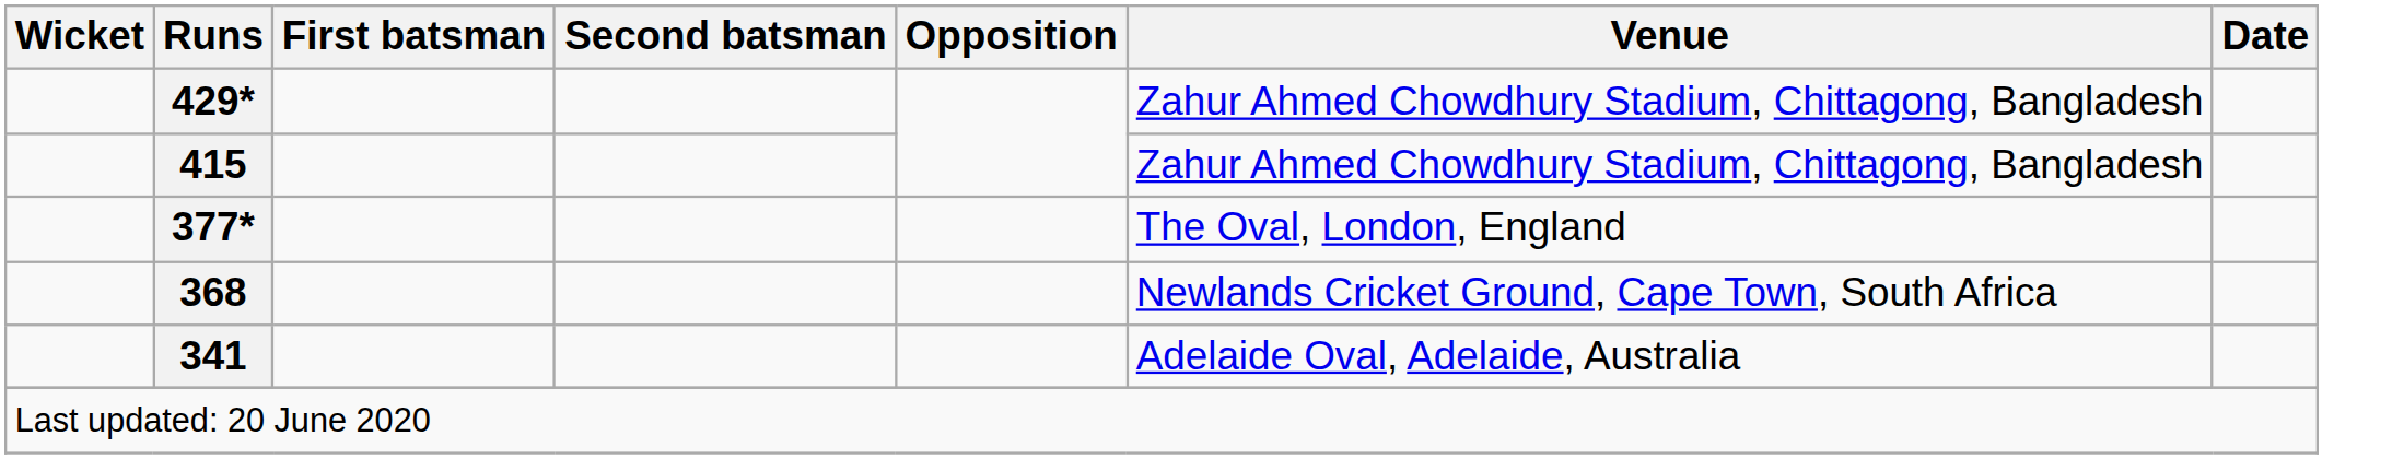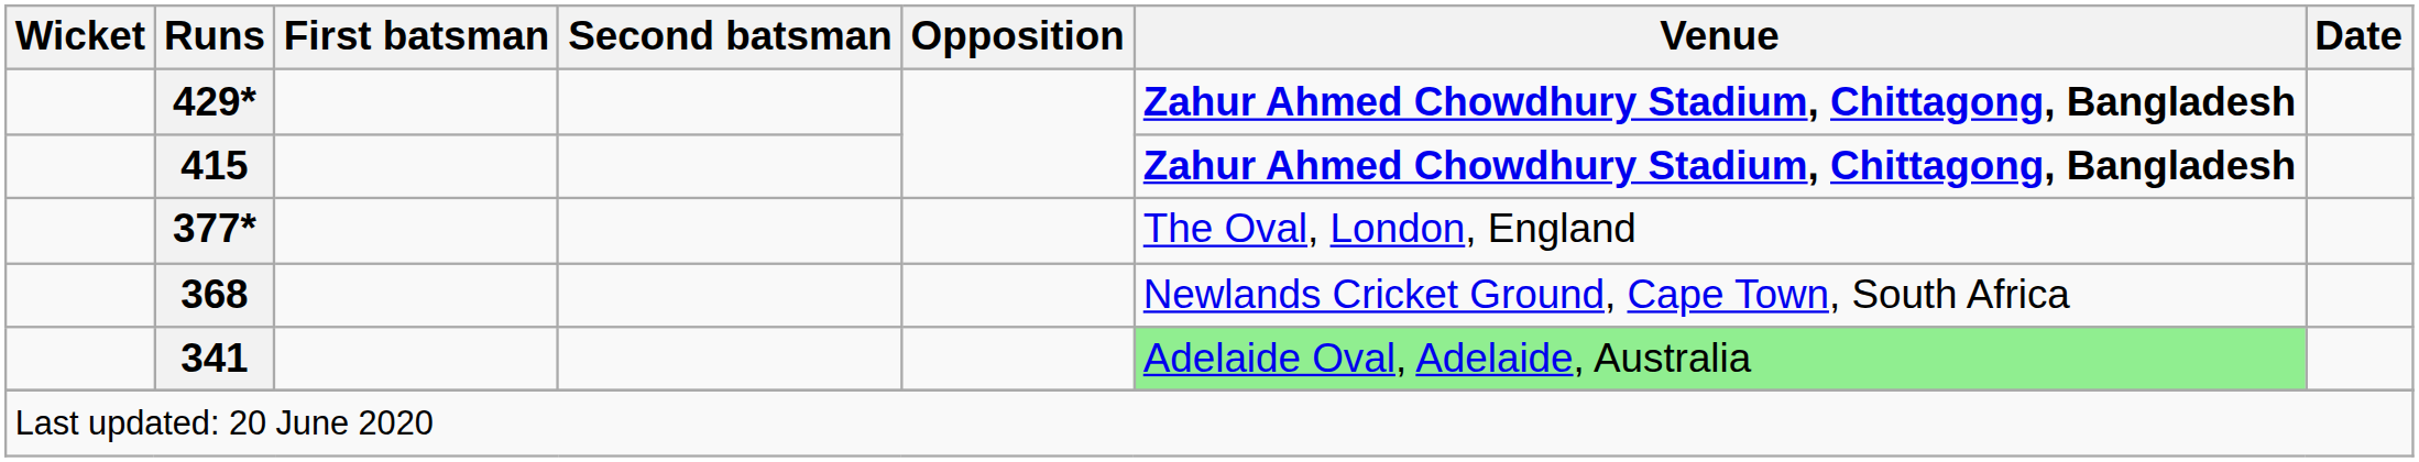 <table class="wikitable plainrowheaders sortable">
 <tr>
 <th scope=col>Wicket</th>
 <th scope=col>Runs</th>
 <th scope=col>First batsman</th>
 <th scope=col>Second batsman</th>
 <th scope=col>Opposition</th>
 <th scope=col>Venue</th>
 <th scope=col>Date</th>
 </tr>
 <tr>
 <td align=center><strong></strong></td>
 <th scope=row style=text-align:center;>429*</th>
 <td></td>
 <td></td>
 <td rowspan=2></td>
-<td><a href='#'>Zahur Ahmed Chowdhury Stadium</a>, <a href='#'>Chittagong</a>, Bangladesh</td>
+<td><strong><a href='#'>Zahur Ahmed Chowdhury Stadium</a>, <a href='#'>Chittagong</a>, Bangladesh</strong></td>
 <td></td>
 </tr>
 <tr>
 <td align=center><strong></strong></td>
 <th scope=row style="text-align:center;">415</th>
 <td></td>
 <td></td>
-<td><a href='#'>Zahur Ahmed Chowdhury Stadium</a>, <a href='#'>Chittagong</a>, Bangladesh</td>
+<td><strong><a href='#'>Zahur Ahmed Chowdhury Stadium</a>, <a href='#'>Chittagong</a>, Bangladesh</strong></td>
 <td></td>
 </tr>
 <tr>
 <td align=center><strong></strong></td>
 <th scope=row style=text-align:center;>377*</th>
 <td></td>
 <td></td>
 <td></td>
 <td><a href='#'>The Oval</a>, <a href='#'>London</a>, England</td>
 <td></td>
 </tr>
 <tr>
 <td align=center><strong></strong></td>
 <th scope=row style=text-align:center;>368</th>
 <td></td>
 <td></td>
 <td></td>
 <td><a href='#'>Newlands Cricket Ground</a>, <a href='#'>Cape Town</a>, South Africa</td>
 <td></td>
 </tr>
 <tr>
 <td align=center><strong></strong></td>
 <th scope=row style=text-align:center;>341</th>
 <td></td>
 <td></td>
 <td></td>
-<td><a href='#'>Adelaide Oval</a>, <a href='#'>Adelaide</a>, Australia</td>
+<td style="background: lightgreen;"><a href='#'>Adelaide Oval</a>, <a href='#'>Adelaide</a>, Australia</td>
 <td></td>
 </tr>
 <tr>
 </tr>
 <tr class=sortbottom>
 <td colspan=8><small>Last updated: 20 June 2020</small></td>
 </tr>
 </table>
